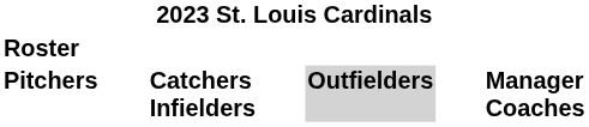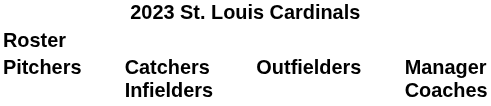 <table class="toccolours" style="font-size: 95%;">
 <tr>
 <th colspan="10">2023 St. Louis Cardinals</th>
 </tr>
 <tr>
 <td colspan="10"><strong>Roster</strong></td>
 </tr>
 <tr>
 <td valign="top"><strong>Pitchers</strong><br>                          </td>
 <td style="width:25px;"></td>
 <td valign="top"><strong>Catchers</strong><br>    <strong>Infielders</strong>            </td>
 <td style="width:25px;"></td>
-<td valign="top" style="background: lightgrey;"><strong>Outfielders</strong><br>        </td>
+<td valign="top"><strong>Outfielders</strong><br>        </td>
 <td style="width:25px;"></td>
 <td valign="top"><strong>Manager</strong><br> <strong>Coaches</strong>                         </td>
 </tr>
 </table>
